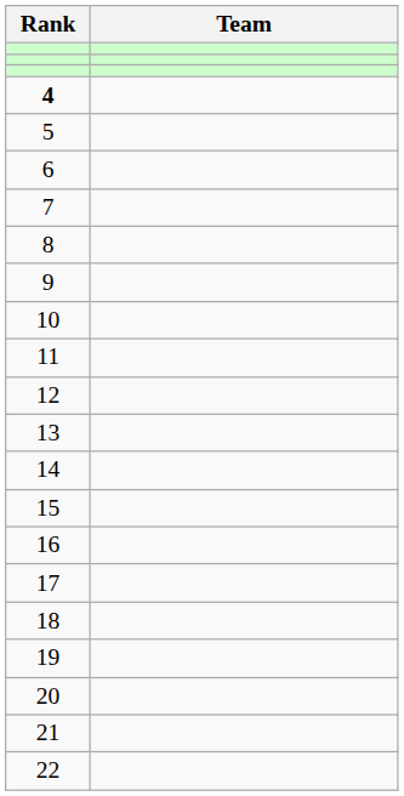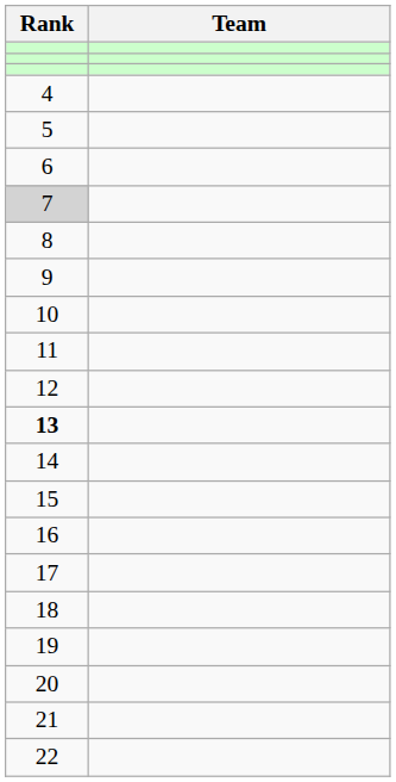 <table class="wikitable" style="text-align: center">
 <tr>
 <th width=50>Rank</th>
 <th width=200>Team</th>
 </tr>
 <tr bgcolor=#ccffcc>
 <td></td>
 <td align=left></td>
 </tr>
 <tr bgcolor=#ccffcc>
 <td></td>
 <td align=left></td>
 </tr>
 <tr bgcolor=#ccffcc>
 <td></td>
 <td align=left></td>
 </tr>
 <tr>
-<td><strong>4</strong></td>
+<td>4</td>
 <td align=left></td>
 </tr>
 <tr>
 <td>5</td>
 <td align=left></td>
 </tr>
 <tr>
 <td>6</td>
 <td align=left></td>
 </tr>
 <tr>
-<td>7</td>
+<td style="background: lightgrey;">7</td>
 <td align=left></td>
 </tr>
 <tr>
 <td>8</td>
 <td align=left></td>
 </tr>
 <tr>
 <td>9</td>
 <td align=left></td>
 </tr>
 <tr>
 <td>10</td>
 <td align=left></td>
 </tr>
 <tr>
 <td>11</td>
 <td align=left></td>
 </tr>
 <tr>
 <td>12</td>
 <td align=left></td>
 </tr>
 <tr>
-<td>13</td>
+<td><strong>13</strong></td>
 <td align=left></td>
 </tr>
 <tr>
 <td>14</td>
 <td align=left></td>
 </tr>
 <tr>
 <td>15</td>
 <td align=left></td>
 </tr>
 <tr>
 <td>16</td>
 <td align=left></td>
 </tr>
 <tr>
 <td>17</td>
 <td align=left></td>
 </tr>
 <tr>
 <td>18</td>
 <td align=left></td>
 </tr>
 <tr>
 <td>19</td>
 <td align=left></td>
 </tr>
 <tr>
 <td>20</td>
 <td align=left></td>
 </tr>
 <tr>
 <td>21</td>
 <td align=left></td>
 </tr>
 <tr>
 <td>22</td>
 <td align=left></td>
 </tr>
 </table>
